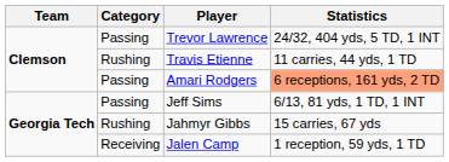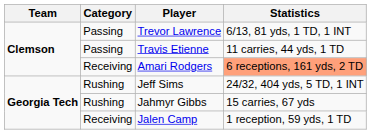 <table class="wikitable" style="float: right;">
 <tr>
 <th>Team</th>
 <th>Category</th>
 <th>Player</th>
 <th>Statistics</th>
 </tr>
 <tr>
 <td rowspan=3><strong>Clemson</strong></td>
 <td>Passing</td>
 <td><a href='#'>Trevor Lawrence</a></td>
-<td>24/32, 404 yds, 5 TD, 1 INT</td>
+<td>6/13, 81 yds, 1 TD, 1 INT</td>
 </tr>
 <tr>
-<td>Rushing</td>
+<td>Passing</td>
 <td><a href='#'>Travis Etienne</a></td>
 <td>11 carries, 44 yds, 1 TD</td>
 </tr>
 <tr>
-<td>Passing</td>
+<td>Receiving</td>
 <td><a href='#'>Amari Rodgers</a></td>
 <td style="background: lightsalmon;">6 receptions, 161 yds, 2 TD</td>
 </tr>
 <tr>
 <td rowspan=3><strong>Georgia Tech</strong></td>
-<td>Passing</td>
+<td>Rushing</td>
 <td>Jeff Sims</td>
-<td>6/13, 81 yds, 1 TD, 1 INT</td>
+<td>24/32, 404 yds, 5 TD, 1 INT</td>
 </tr>
 <tr>
 <td>Rushing</td>
 <td>Jahmyr Gibbs</td>
 <td>15 carries, 67 yds</td>
 </tr>
 <tr>
 <td>Receiving</td>
 <td><a href='#'>Jalen Camp</a></td>
 <td>1 reception, 59 yds, 1 TD</td>
 </tr>
 </table>
